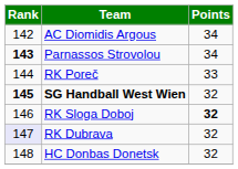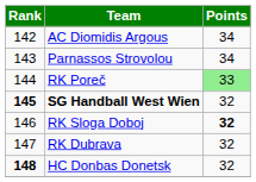 <table class="wikitable" style="text-align: center;">
 <tr>
 <th style="color:#FFFFFF; background:#008000">Rank</th>
 <th style="color:#FFFFFF; background:#008000">Team</th>
 <th style="color:#FFFFFF; background:#008000">Points</th>
 </tr>
 <tr>
 <td>142</td>
 <td align=left> <a href='#'>AC Diomidis Argous</a></td>
 <td>34</td>
 </tr>
 <tr>
-<td><strong>143</strong></td>
+<td>143</td>
 <td align=left> <a href='#'>Parnassos Strovolou</a></td>
 <td>34</td>
 </tr>
 <tr>
 <td>144</td>
 <td align=left> <a href='#'>RK Poreč</a></td>
-<td>33</td>
+<td style="background: lightgreen;">33</td>
 </tr>
 <tr>
 <td><strong>145</strong></td>
 <td align=left> <strong>SG Handball West Wien</strong></td>
 <td>32</td>
 </tr>
 <tr>
 <td>146</td>
 <td align=left> <a href='#'>RK Sloga Doboj</a></td>
 <td><strong>32</strong></td>
 </tr>
 <tr>
-<td style="background: lavender;">147</td>
+<td>147</td>
 <td align=left> <a href='#'>RK Dubrava</a></td>
 <td>32</td>
 </tr>
 <tr>
-<td>148</td>
+<td><strong>148</strong></td>
 <td align=left> <a href='#'>HC Donbas Donetsk</a></td>
 <td>32</td>
 </tr>
 <tr>
 </tr>
 </table>
